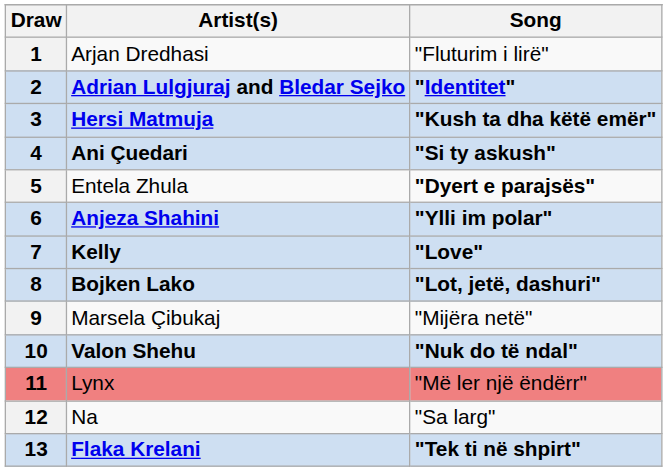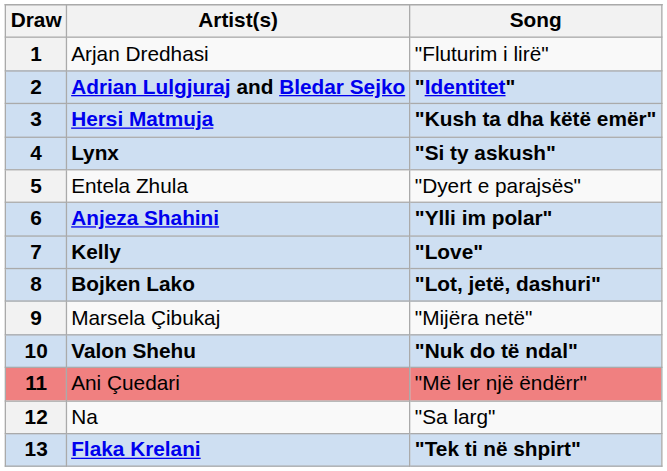 <table class="sortable wikitable plainrowheaders" style="margin: 1em auto 1em auto; test-align:left">
 <tr>
 </tr>
 <tr>
 <th scope="col">Draw</th>
 <th scope="col">Artist(s)</th>
 <th scope="col">Song</th>
 </tr>
 <tr>
 <th scope="row" style="text-align:center;">1</th>
 <td>Arjan Dredhasi</td>
 <td>"Fluturim i lirë"</td>
 </tr>
 <tr style="font-weight:bold; background:#CEDFF2;">
 <th scope="row" style="text-align:center; font-weight:bold; background:#CEDFF2;">2</th>
 <td><a href='#'>Adrian Lulgjuraj</a> and <a href='#'>Bledar Sejko</a></td>
 <td>"<a href='#'>Identitet</a>"</td>
 </tr>
 <tr style="font-weight:bold; background:#CEDFF2;">
 <th scope="row" style="text-align:center; font-weight:bold; background:#CEDFF2;">3</th>
 <td><a href='#'>Hersi Matmuja</a></td>
 <td>"Kush ta dha këtë emër"</td>
 </tr>
 <tr style="font-weight:bold; background:#CEDFF2;">
 <th scope="row" style="text-align:center; font-weight:bold; background:#CEDFF2;">4</th>
-<td>Ani Çuedari</td>
+<td>Lynx</td>
 <td>"Si ty askush"</td>
 </tr>
 <tr>
 <th scope="row" style="text-align:center;">5</th>
 <td>Entela Zhula</td>
-<td><strong>"Dyert e parajsës"</strong></td>
+<td>"Dyert e parajsës"</td>
 </tr>
 <tr style="font-weight:bold; background:#CEDFF2;">
 <th scope="row" style="text-align:center; font-weight:bold; background:#CEDFF2;">6</th>
 <td><a href='#'>Anjeza Shahini</a></td>
 <td>"Ylli im polar"</td>
 </tr>
 <tr style="font-weight:bold; background:#CEDFF2;">
 <th scope="row" style="text-align:center; font-weight:bold; background:#CEDFF2;">7</th>
 <td>Kelly</td>
 <td>"Love"</td>
 </tr>
 <tr style="font-weight:bold; background:#CEDFF2;">
 <th scope="row" style="text-align:center; font-weight:bold; background:#CEDFF2;">8</th>
 <td>Bojken Lako</td>
 <td>"Lot, jetë, dashuri"</td>
 </tr>
 <tr>
 <th scope="row" style="text-align:center;">9</th>
 <td>Marsela Çibukaj</td>
 <td>"Mijëra netë"</td>
 </tr>
 <tr style="font-weight:bold; background:#CEDFF2;">
 <th scope="row" style="text-align:center; font-weight:bold; background:#CEDFF2;">10</th>
 <td>Valon Shehu</td>
 <td>"Nuk do të ndal"</td>
 </tr>
 <tr style="background:#F08080;">
 <th scope="row" style="text-align:center; background:#F08080;">11</th>
-<td>Lynx</td>
+<td>Ani Çuedari</td>
 <td>"Më ler një ëndërr"</td>
 </tr>
 <tr>
 <th scope="row" style="text-align:center;">12</th>
 <td>Na</td>
 <td>"Sa larg"</td>
 </tr>
 <tr style="font-weight:bold; background:#CEDFF2;">
 <th scope="row" style="text-align:center; font-weight:bold; background:#CEDFF2;">13</th>
 <td><a href='#'>Flaka Krelani</a></td>
 <td>"Tek ti në shpirt"</td>
 </tr>
 </table>
